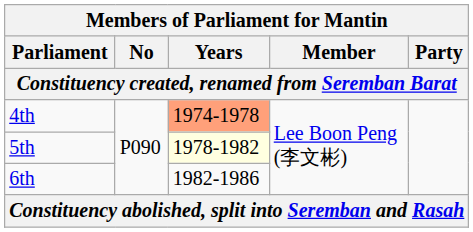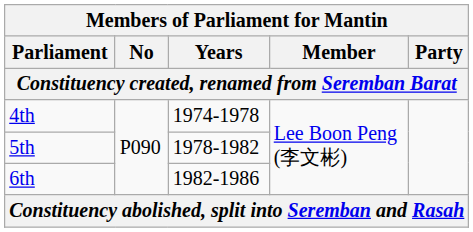 <table class=wikitable>
 <tr>
 <th colspan="5">Members of Parliament for Mantin</th>
 </tr>
 <tr>
 <th>Parliament</th>
 <th>No</th>
 <th>Years</th>
 <th>Member</th>
 <th>Party</th>
 </tr>
 <tr>
 <th colspan="5" align="center"><em>Constituency created, renamed from <a href='#'>Seremban Barat</a></em></th>
 </tr>
 <tr>
 <td><a href='#'>4th</a></td>
 <td rowspan="3">P090</td>
-<td style="background: lightsalmon;">1974-1978</td>
+<td>1974-1978</td>
 <td rowspan=3><a href='#'>Lee Boon Peng</a> <br> (李文彬)</td>
 <td rowspan="3"></td>
 </tr>
 <tr>
 <td><a href='#'>5th</a></td>
-<td style="background: lightyellow;">1978-1982</td>
+<td>1978-1982</td>
 </tr>
 <tr>
 <td><a href='#'>6th</a></td>
 <td>1982-1986</td>
 </tr>
 <tr>
 <th colspan="5" align="center"><em>Constituency abolished, split into <a href='#'>Seremban</a> and <a href='#'>Rasah</a></em></th>
 </tr>
 </table>
